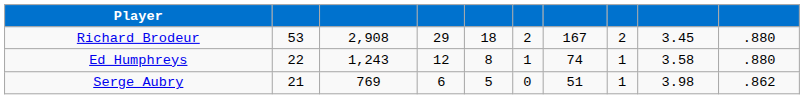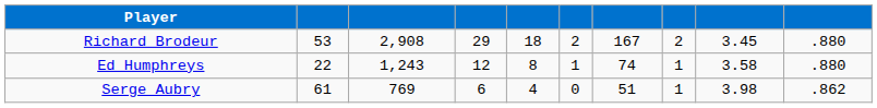 <table class="wikitable sortable" style="width:60%; text-align:center;">
 <tr>
 <th style="color:white; background:#0072CE; ">Player</th>
 <th style="color:white; background:#0072CE; "></th>
 <th style="color:white; background:#0072CE; "></th>
 <th style="color:white; background:#0072CE; "></th>
 <th style="color:white;background:#0072CE; "></th>
 <th style="color:white; background:#0072CE; "></th>
 <th style="color:white;background:#0072CE; "></th>
 <th style="color:white; background:#0072CE; "></th>
 <th style="color:white; background:#0072CE; "></th>
 <th style="color:white; background:#0072CE; "></th>
 </tr>
 <tr align="center">
 <td><a href='#'>Richard Brodeur</a></td>
 <td>53</td>
 <td>2,908</td>
 <td>29</td>
 <td>18</td>
 <td>2</td>
 <td>167</td>
 <td>2</td>
 <td>3.45</td>
 <td>.880</td>
 </tr>
 <tr align="center">
 <td><a href='#'>Ed Humphreys</a></td>
 <td>22</td>
 <td>1,243</td>
 <td>12</td>
 <td>8</td>
 <td>1</td>
 <td>74</td>
 <td>1</td>
 <td>3.58</td>
 <td>.880</td>
 </tr>
 <tr>
 <td><a href='#'>Serge Aubry</a></td>
-<td>21</td>
+<td>61</td>
 <td>769</td>
 <td>6</td>
-<td>5</td>
+<td>4</td>
 <td>0</td>
 <td>51</td>
 <td>1</td>
 <td>3.98</td>
 <td>.862</td>
 </tr>
 </table>
